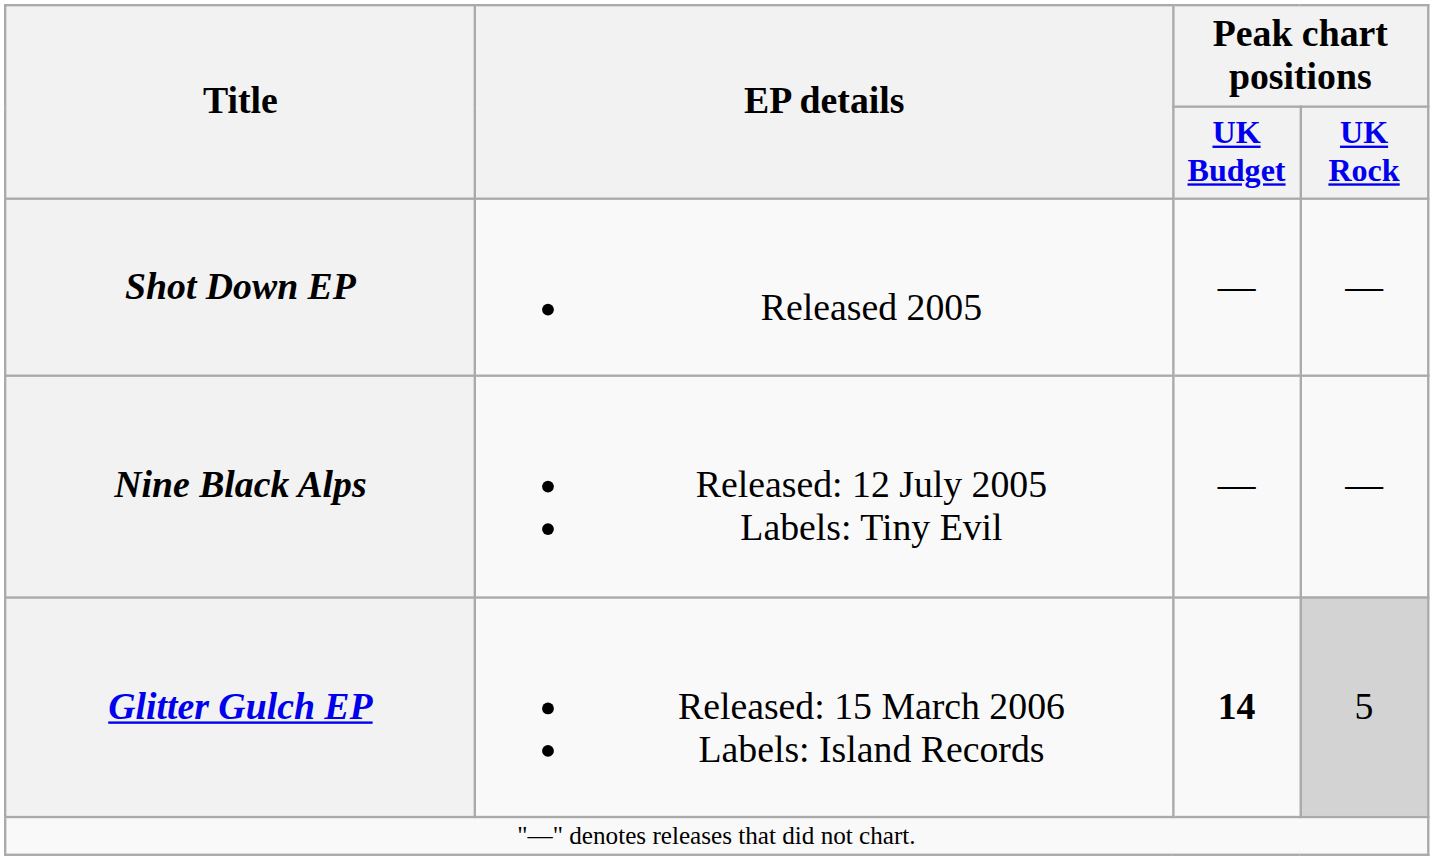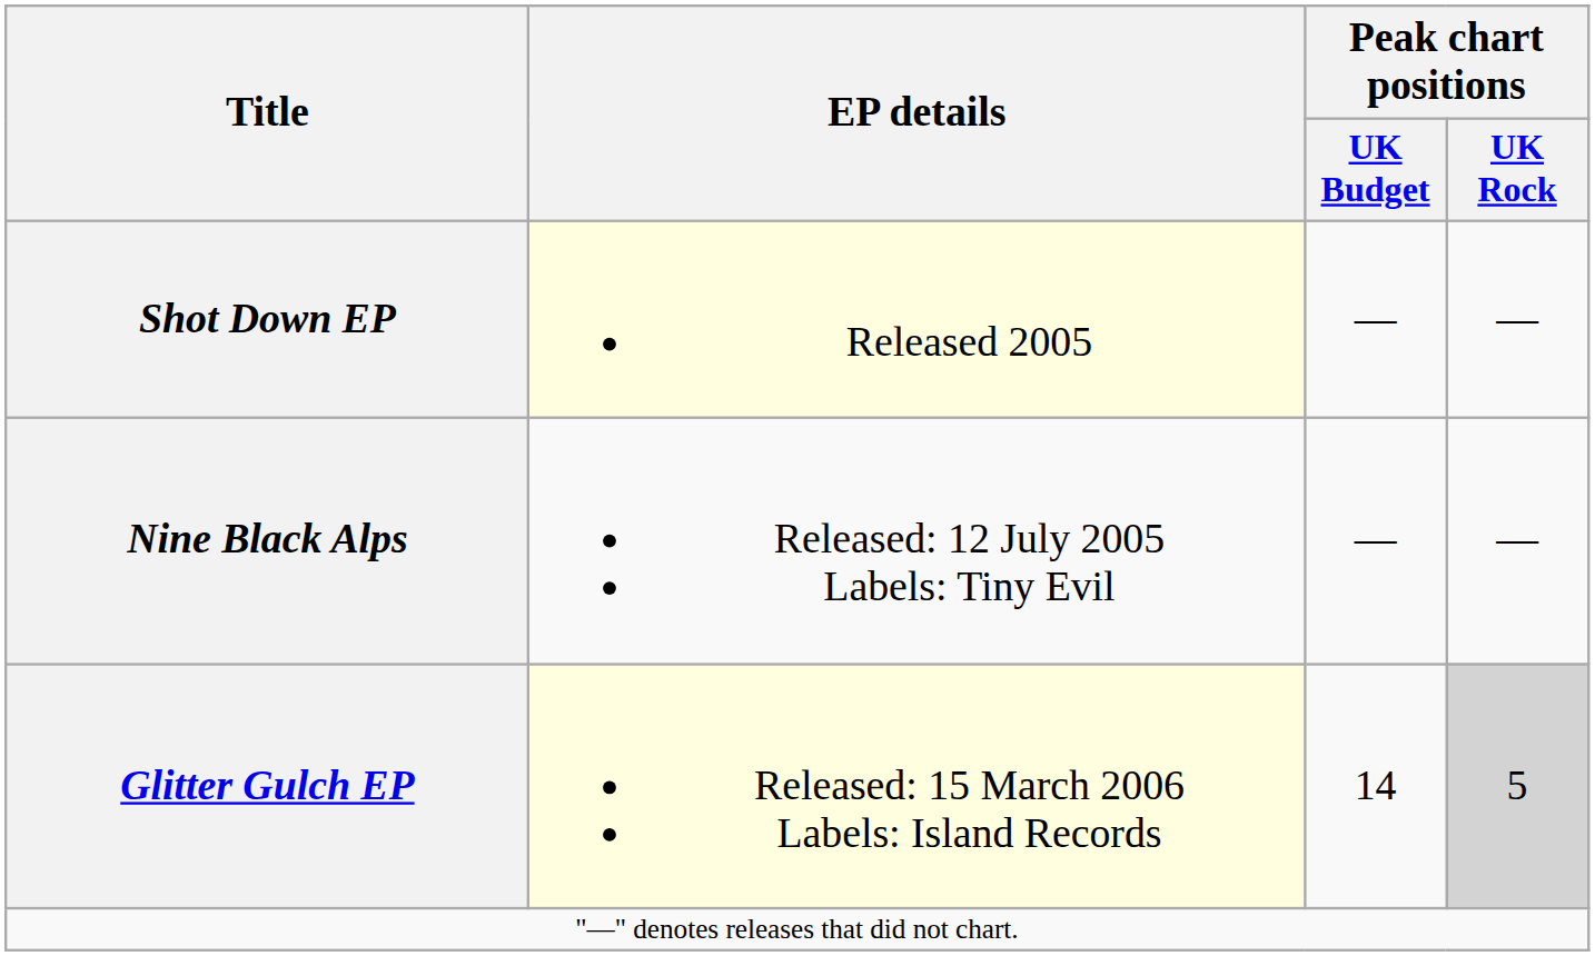 <table class="wikitable plainrowheaders" style="text-align:center;">
 <tr>
 <th scope="col" rowspan="2" style="width:12em;">Title</th>
 <th scope="col" rowspan="2" style="width:18em;">EP details</th>
 <th scope="col" colspan="2">Peak chart positions</th>
 </tr>
 <tr>
 <th scope="col" style="width:3.5em;font-size:85%;"><a href='#'>UK<br>Budget</a><br></th>
 <th scope="col" style="width:3.5em;font-size:85%;"><a href='#'>UK<br>Rock</a><br></th>
 </tr>
 <tr>
 <th scope="row"><em>Shot Down EP</em></th>
-<td><br><ul><li>Released 2005</li></ul></td>
+<td style="background: lightyellow;"><br><ul><li>Released 2005</li></ul></td>
 <td>—</td>
 <td>—</td>
 </tr>
 <tr>
 <th scope="row"><em>Nine Black Alps</em></th>
 <td><br><ul><li>Released: 12 July 2005</li><li>Labels: Tiny Evil</li></ul></td>
 <td>—</td>
 <td>—</td>
 </tr>
 <tr>
 <th scope="row"><em><a href='#'>Glitter Gulch EP</a></em></th>
-<td><br><ul><li>Released: 15 March 2006</li><li>Labels: Island Records</li></ul></td>
-<td><strong>14</strong></td>
+<td style="background: lightyellow;"><br><ul><li>Released: 15 March 2006</li><li>Labels: Island Records</li></ul></td>
+<td>14</td>
 <td style="background: lightgrey;">5</td>
 </tr>
 <tr>
 <td align="center" colspan="10" style="font-size: 8pt">"—" denotes releases that did not chart.</td>
 </tr>
 </table>
